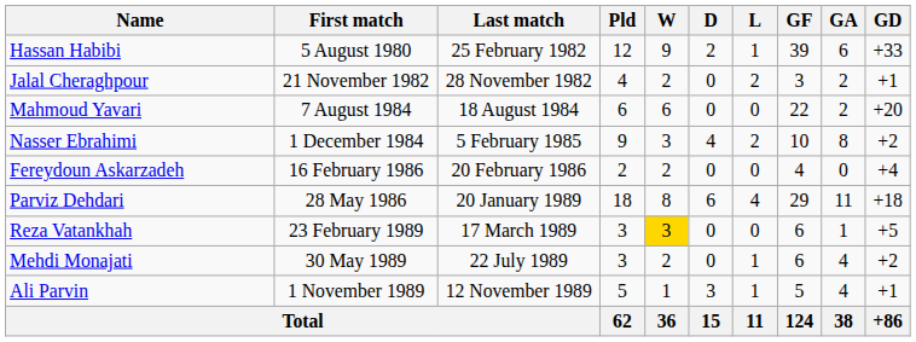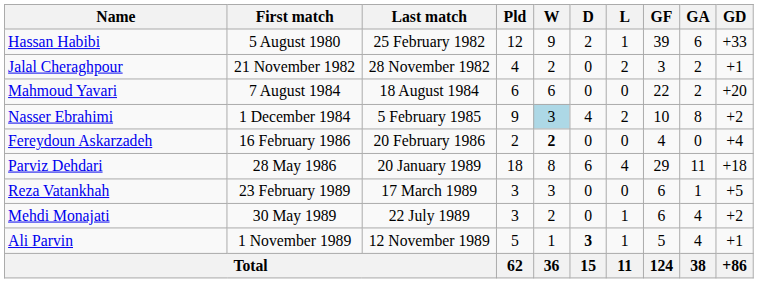 <table class="wikitable" style="text-align: center;">
 <tr>
 <th width=220>Name</th>
 <th width=130>First match</th>
 <th width=130>Last match</th>
 <th width=30>Pld</th>
 <th width=30>W</th>
 <th width=30>D</th>
 <th width=30>L</th>
 <th width=30>GF</th>
 <th width=30>GA</th>
 <th width=30>GD</th>
 </tr>
 <tr>
 <td align="left"> <a href='#'>Hassan Habibi</a></td>
 <td>5 August 1980</td>
 <td>25 February 1982</td>
 <td>12</td>
 <td>9</td>
 <td>2</td>
 <td>1</td>
 <td>39</td>
 <td>6</td>
 <td>+33</td>
 </tr>
 <tr>
 <td align="left"> <a href='#'>Jalal Cheraghpour</a></td>
 <td>21 November 1982</td>
 <td>28 November 1982</td>
 <td>4</td>
 <td>2</td>
 <td>0</td>
 <td>2</td>
 <td>3</td>
 <td>2</td>
 <td>+1</td>
 </tr>
 <tr>
 <td align="left"> <a href='#'>Mahmoud Yavari</a></td>
 <td>7 August 1984</td>
 <td>18 August 1984</td>
 <td>6</td>
 <td>6</td>
 <td>0</td>
 <td>0</td>
 <td>22</td>
 <td>2</td>
 <td>+20</td>
 </tr>
 <tr>
 <td align="left"> <a href='#'>Nasser Ebrahimi</a></td>
 <td>1 December 1984</td>
 <td>5 February 1985</td>
 <td>9</td>
-<td>3</td>
+<td style="background: lightblue;">3</td>
 <td>4</td>
 <td>2</td>
 <td>10</td>
 <td>8</td>
 <td>+2</td>
 </tr>
 <tr>
 <td align="left"> <a href='#'>Fereydoun Askarzadeh</a></td>
 <td>16 February 1986</td>
 <td>20 February 1986</td>
 <td>2</td>
-<td>2</td>
+<td><strong>2</strong></td>
 <td>0</td>
 <td>0</td>
 <td>4</td>
 <td>0</td>
 <td>+4</td>
 </tr>
 <tr>
 <td align="left"> <a href='#'>Parviz Dehdari</a></td>
 <td>28 May 1986</td>
 <td>20 January 1989</td>
 <td>18</td>
 <td>8</td>
 <td>6</td>
 <td>4</td>
 <td>29</td>
 <td>11</td>
 <td>+18</td>
 </tr>
 <tr>
 <td align="left"> <a href='#'>Reza Vatankhah</a></td>
 <td>23 February 1989</td>
 <td>17 March 1989</td>
 <td>3</td>
-<td style="background: gold;">3</td>
+<td>3</td>
 <td>0</td>
 <td>0</td>
 <td>6</td>
 <td>1</td>
 <td>+5</td>
 </tr>
 <tr>
 <td align="left"> <a href='#'>Mehdi Monajati</a></td>
 <td>30 May 1989</td>
 <td>22 July 1989</td>
 <td>3</td>
 <td>2</td>
 <td>0</td>
 <td>1</td>
 <td>6</td>
 <td>4</td>
 <td>+2</td>
 </tr>
 <tr>
 <td align="left"> <a href='#'>Ali Parvin</a></td>
 <td>1 November 1989</td>
 <td>12 November 1989</td>
 <td>5</td>
 <td>1</td>
-<td>3</td>
+<td><strong>3</strong></td>
 <td>1</td>
 <td>5</td>
 <td>4</td>
 <td>+1</td>
 </tr>
 <tr>
 <th colspan=3>Total</th>
 <th>62</th>
 <th>36</th>
 <th>15</th>
 <th>11</th>
 <th>124</th>
 <th>38</th>
 <th>+86</th>
 </tr>
 </table>
